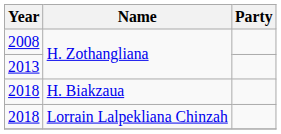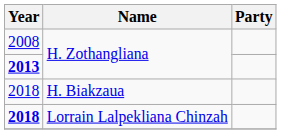 <table class="wikitable sortable">
 <tr>
 <th>Year</th>
 <th>Name</th>
 <th colspan=2>Party</th>
 </tr>
 <tr>
 <td><a href='#'>2008</a></td>
 <td rowspan=2><a href='#'>H. Zothangliana</a></td>
 <td></td>
 </tr>
 <tr>
-<td><a href='#'>2013</a></td>
+<td><strong><a href='#'>2013</a></strong></td>
 </tr>
 <tr>
 <td><a href='#'>2018</a></td>
 <td><a href='#'>H. Biakzaua</a></td>
 <td></td>
 </tr>
 <tr>
-<td><a href='#'>2018</a></td>
+<td><strong><a href='#'>2018</a></strong></td>
 <td><a href='#'>Lorrain Lalpekliana Chinzah</a></td>
 <td></td>
 </tr>
 <tr>
 </tr>
 </table>
